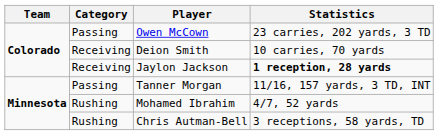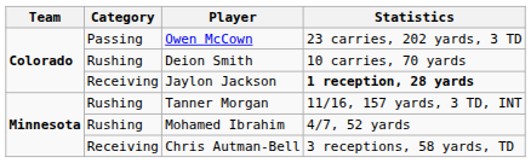 <table class="wikitable" style="float: right;">
 <tr>
 <th>Team</th>
 <th>Category</th>
 <th>Player</th>
 <th>Statistics</th>
 </tr>
 <tr>
 <td rowspan=3><strong>Colorado</strong></td>
 <td>Passing</td>
 <td><a href='#'>Owen McCown</a></td>
 <td>23 carries, 202 yards, 3 TD</td>
 </tr>
 <tr>
-<td>Receiving</td>
+<td>Rushing</td>
 <td>Deion Smith</td>
 <td>10 carries, 70 yards</td>
 </tr>
 <tr>
 <td>Receiving</td>
 <td>Jaylon Jackson</td>
 <td><strong>1 reception, 28 yards</strong></td>
 </tr>
 <tr>
 <td rowspan=3><strong>Minnesota</strong></td>
-<td>Passing</td>
+<td>Rushing</td>
 <td>Tanner Morgan</td>
 <td>11/16, 157 yards, 3 TD, INT</td>
 </tr>
 <tr>
 <td>Rushing</td>
 <td>Mohamed Ibrahim</td>
 <td>4/7, 52 yards</td>
 </tr>
 <tr>
-<td>Rushing</td>
+<td>Receiving</td>
 <td>Chris Autman-Bell</td>
 <td>3 receptions, 58 yards, TD</td>
 </tr>
 </table>
